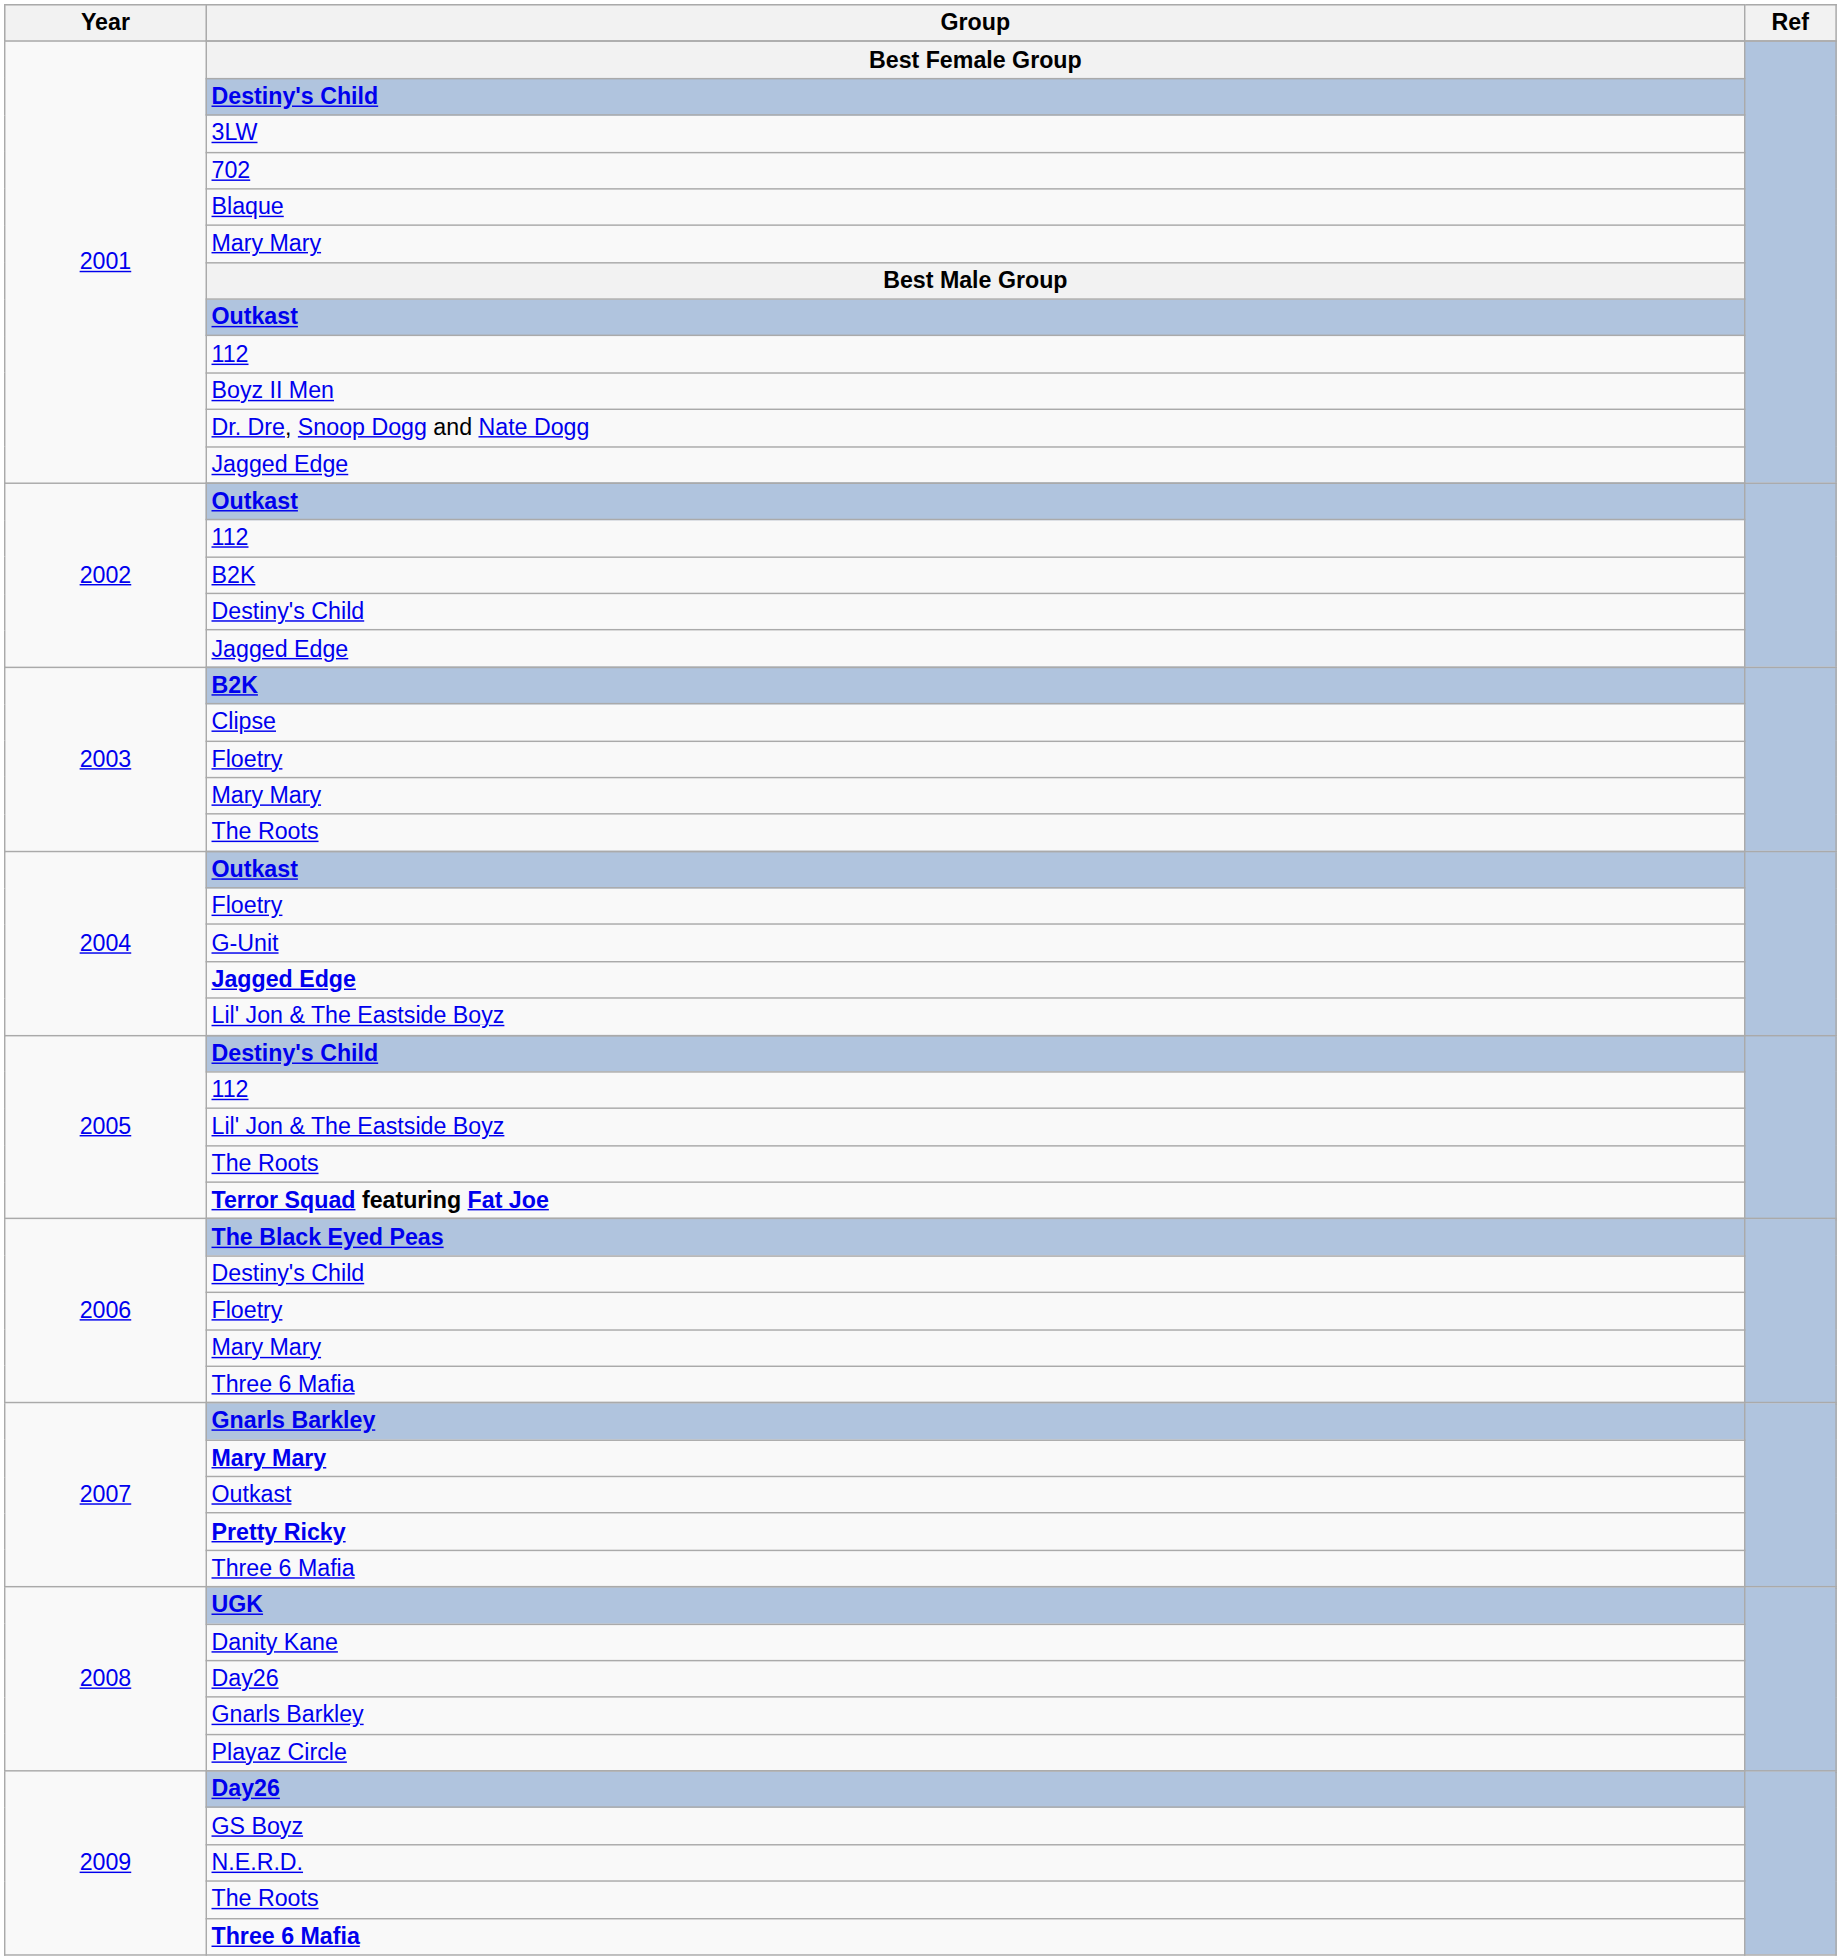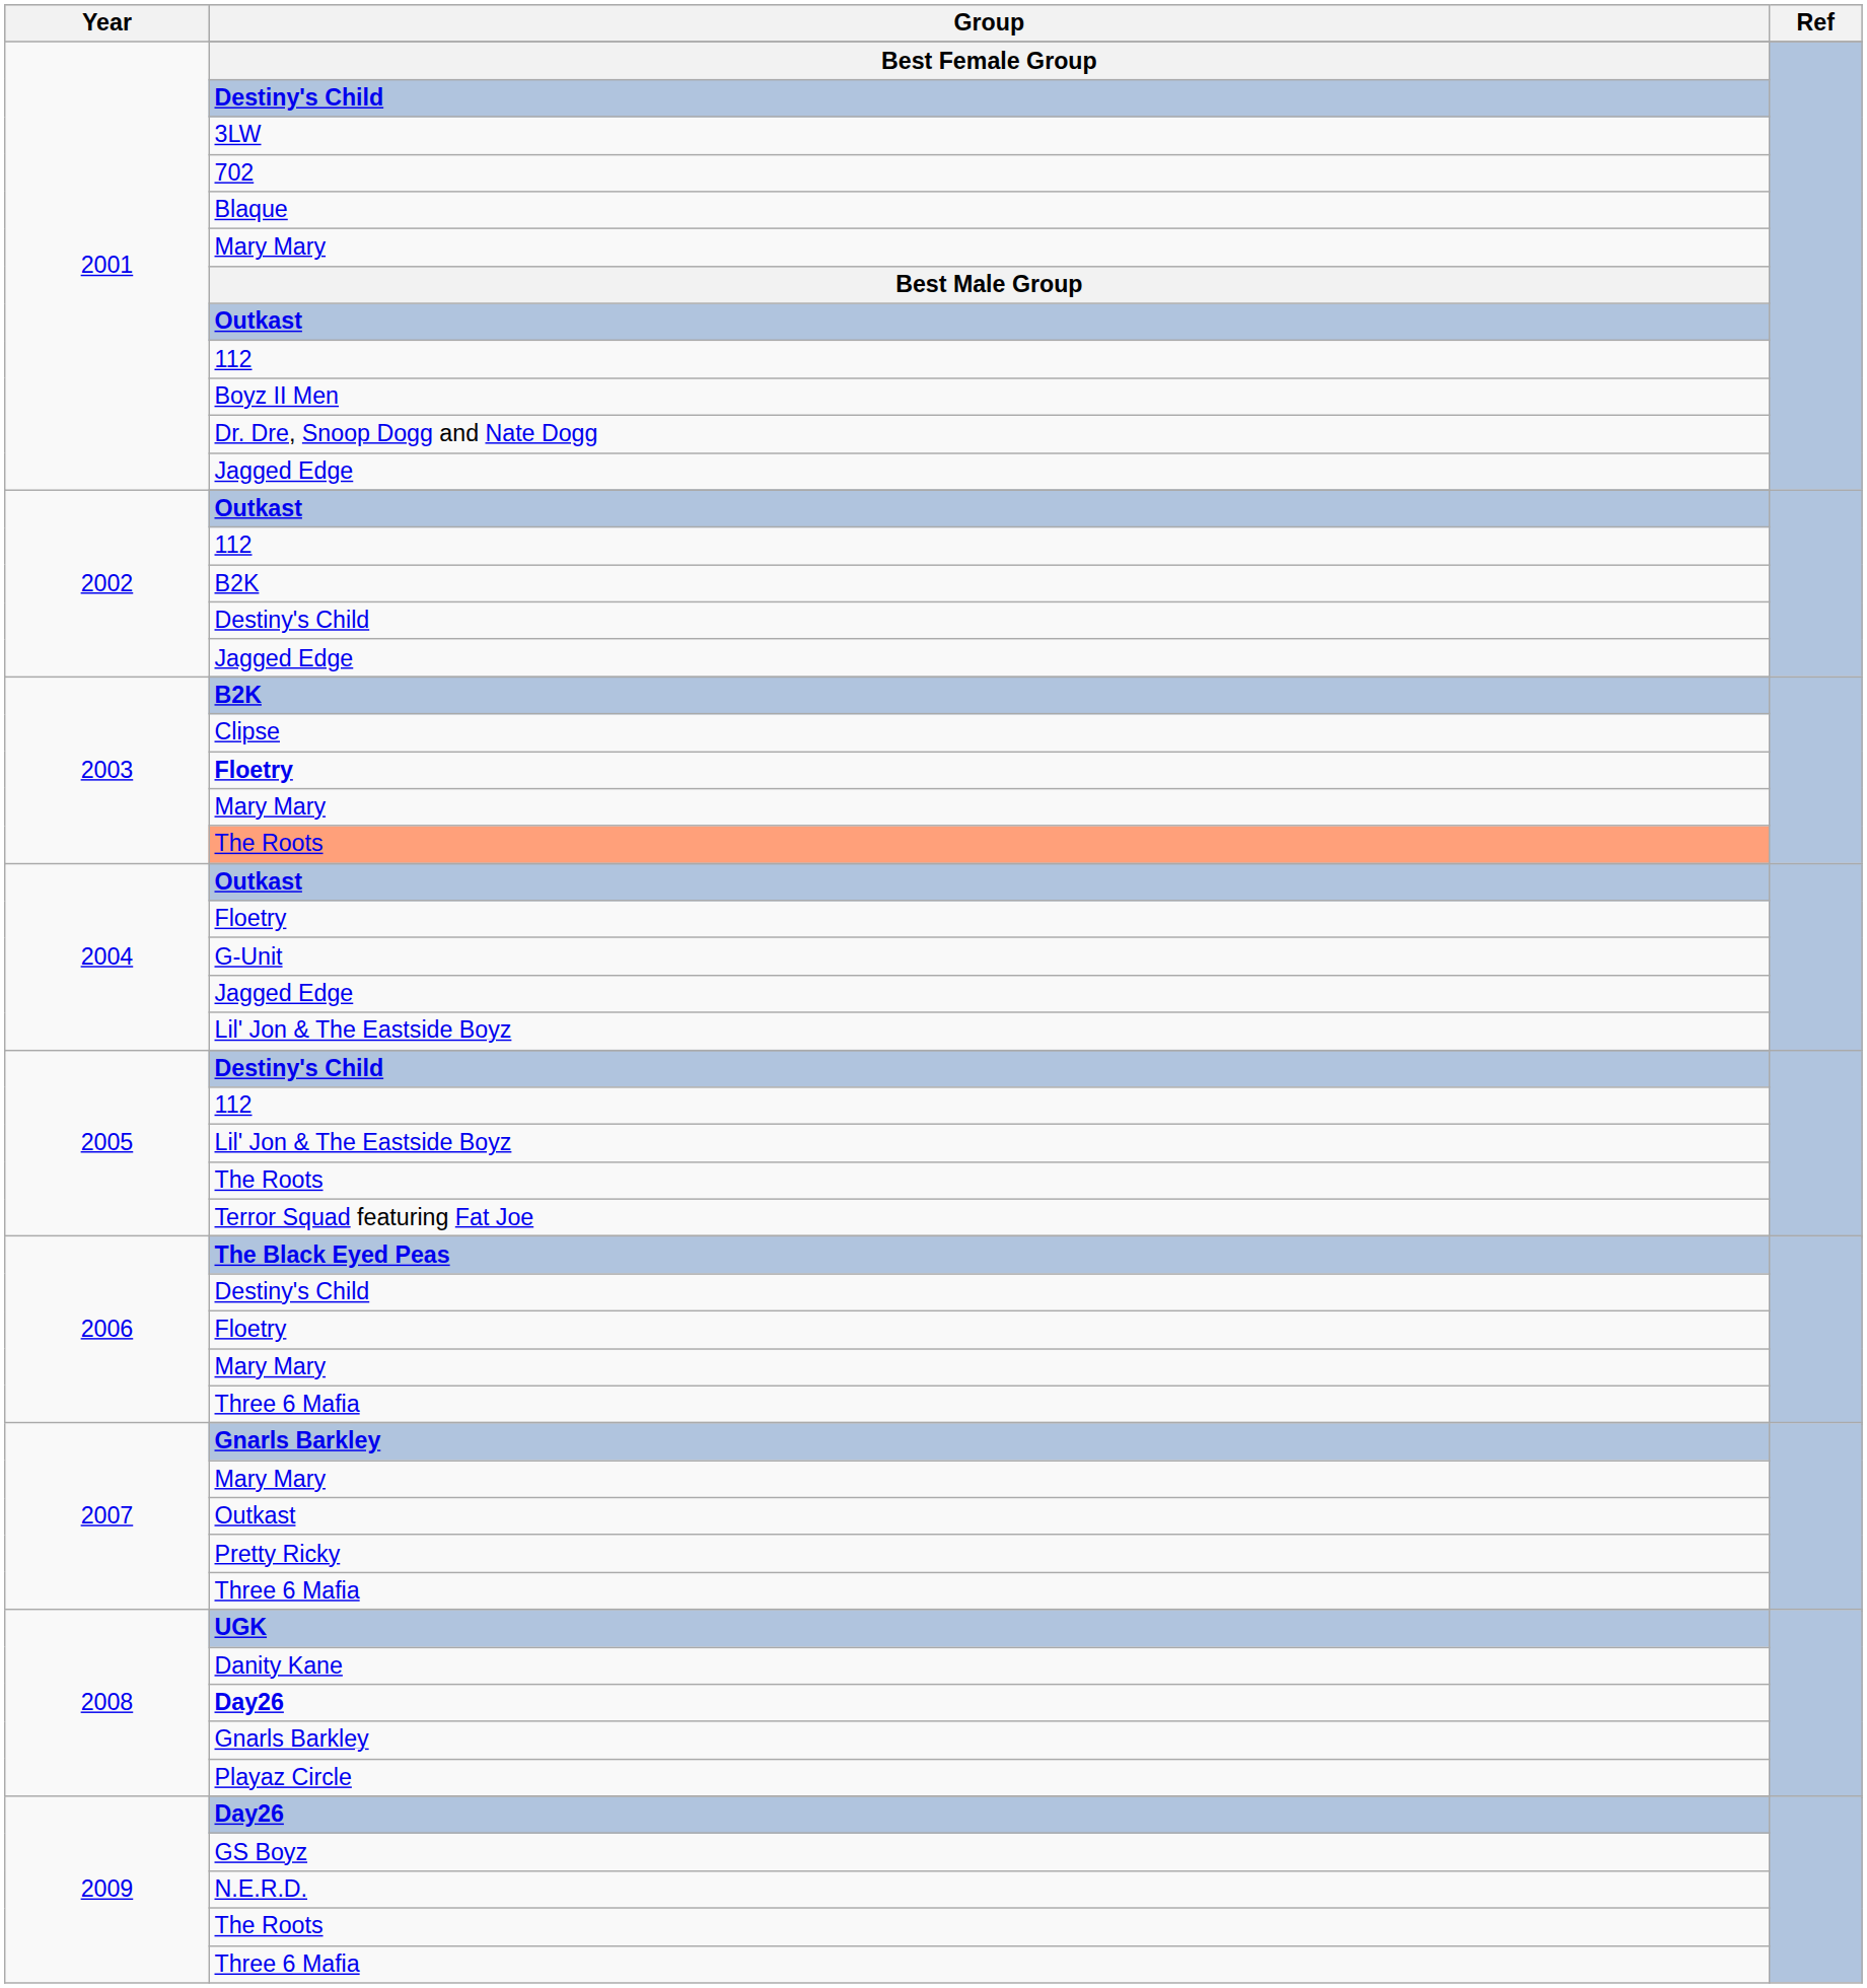 <table class="wikitable" style="width:100%;">
 <tr style="background:#bebebe;">
 <th style="width:11%;">Year</th>
 <th style="width:84%;">Group</th>
 <th style="width:5%;">Ref</th>
 </tr>
 <tr>
 <td rowspan="13" align="center"><a href='#'>2001</a></td>
 </tr>
 <tr>
 <th>Best Female Group</th>
 <td rowspan="13" align="center" style="background:#B0C4DE"></td>
 </tr>
 <tr style="background:#B0C4DE">
 <td><strong><a href='#'>Destiny's Child</a></strong></td>
 </tr>
 <tr>
 <td><a href='#'>3LW</a></td>
 </tr>
 <tr>
 <td><a href='#'>702</a></td>
 </tr>
 <tr>
 <td><a href='#'>Blaque</a></td>
 </tr>
 <tr>
 <td><a href='#'>Mary Mary</a></td>
 </tr>
 <tr>
 <th>Best Male Group</th>
 </tr>
 <tr style="background:#B0C4DE">
 <td><strong><a href='#'>Outkast</a></strong></td>
 </tr>
 <tr>
 <td><a href='#'>112</a></td>
 </tr>
 <tr>
 <td><a href='#'>Boyz II Men</a></td>
 </tr>
 <tr>
 <td><a href='#'>Dr. Dre</a>, <a href='#'>Snoop Dogg</a> and <a href='#'>Nate Dogg</a></td>
 </tr>
 <tr>
 <td><a href='#'>Jagged Edge</a></td>
 </tr>
 <tr>
 <td rowspan="6" align="center"><a href='#'>2002</a></td>
 </tr>
 <tr style="background:#B0C4DE">
 <td><strong><a href='#'>Outkast</a></strong></td>
 <td rowspan="6" align="center"></td>
 </tr>
 <tr>
 <td><a href='#'>112</a></td>
 </tr>
 <tr>
 <td><a href='#'>B2K</a></td>
 </tr>
 <tr>
 <td><a href='#'>Destiny's Child</a></td>
 </tr>
 <tr>
 <td><a href='#'>Jagged Edge</a></td>
 </tr>
 <tr>
 <td rowspan="6" align="center"><a href='#'>2003</a></td>
 </tr>
 <tr style="background:#B0C4DE">
 <td><strong><a href='#'>B2K</a></strong></td>
 <td rowspan="6" align="center"></td>
 </tr>
 <tr>
 <td><a href='#'>Clipse</a></td>
 </tr>
 <tr>
-<td><a href='#'>Floetry</a></td>
+<td><strong><a href='#'>Floetry</a></strong></td>
 </tr>
 <tr>
 <td><a href='#'>Mary Mary</a></td>
 </tr>
 <tr>
-<td><a href='#'>The Roots</a></td>
+<td style="background: lightsalmon;"><a href='#'>The Roots</a></td>
 </tr>
 <tr>
 <td rowspan="6" align="center"><a href='#'>2004</a></td>
 </tr>
 <tr style="background:#B0C4DE">
 <td><strong><a href='#'>Outkast</a></strong></td>
 <td rowspan="6" align="center"></td>
 </tr>
 <tr>
 <td><a href='#'>Floetry</a></td>
 </tr>
 <tr>
 <td><a href='#'>G-Unit</a></td>
 </tr>
 <tr>
-<td><strong><a href='#'>Jagged Edge</a></strong></td>
+<td><a href='#'>Jagged Edge</a></td>
 </tr>
 <tr>
 <td><a href='#'>Lil' Jon & The Eastside Boyz</a></td>
 </tr>
 <tr>
 <td rowspan="6" align="center"><a href='#'>2005</a></td>
 </tr>
 <tr style="background:#B0C4DE">
 <td><strong><a href='#'>Destiny's Child</a></strong></td>
 <td rowspan="6" align="center"></td>
 </tr>
 <tr>
 <td><a href='#'>112</a></td>
 </tr>
 <tr>
 <td><a href='#'>Lil' Jon & The Eastside Boyz</a></td>
 </tr>
 <tr>
 <td><a href='#'>The Roots</a></td>
 </tr>
 <tr>
-<td><strong><a href='#'>Terror Squad</a> featuring <a href='#'>Fat Joe</a></strong></td>
+<td><a href='#'>Terror Squad</a> featuring <a href='#'>Fat Joe</a></td>
 </tr>
 <tr>
 <td rowspan="6" align="center"><a href='#'>2006</a></td>
 </tr>
 <tr style="background:#B0C4DE">
 <td><strong><a href='#'>The Black Eyed Peas</a></strong></td>
 <td rowspan="6" align="center"></td>
 </tr>
 <tr>
 <td><a href='#'>Destiny's Child</a></td>
 </tr>
 <tr>
 <td><a href='#'>Floetry</a></td>
 </tr>
 <tr>
 <td><a href='#'>Mary Mary</a></td>
 </tr>
 <tr>
 <td><a href='#'>Three 6 Mafia</a></td>
 </tr>
 <tr>
 <td rowspan="6" align="center"><a href='#'>2007</a></td>
 </tr>
 <tr style="background:#B0C4DE">
 <td><strong><a href='#'>Gnarls Barkley</a></strong></td>
 <td rowspan="6" align="center"></td>
 </tr>
 <tr>
-<td><strong><a href='#'>Mary Mary</a></strong></td>
+<td><a href='#'>Mary Mary</a></td>
 </tr>
 <tr>
 <td><a href='#'>Outkast</a></td>
 </tr>
 <tr>
-<td><strong><a href='#'>Pretty Ricky</a></strong></td>
+<td><a href='#'>Pretty Ricky</a></td>
 </tr>
 <tr>
 <td><a href='#'>Three 6 Mafia</a></td>
 </tr>
 <tr>
 <td rowspan="6" align="center"><a href='#'>2008</a></td>
 </tr>
 <tr style="background:#B0C4DE">
 <td><strong><a href='#'>UGK</a></strong></td>
 <td rowspan="6" align="center"></td>
 </tr>
 <tr>
 <td><a href='#'>Danity Kane</a></td>
 </tr>
 <tr>
-<td><a href='#'>Day26</a></td>
+<td><strong><a href='#'>Day26</a></strong></td>
 </tr>
 <tr>
 <td><a href='#'>Gnarls Barkley</a></td>
 </tr>
 <tr>
 <td><a href='#'>Playaz Circle</a></td>
 </tr>
 <tr>
 <td rowspan="6" align="center"><a href='#'>2009</a></td>
 </tr>
 <tr style="background:#B0C4DE">
 <td><strong><a href='#'>Day26</a></strong></td>
 <td rowspan="6" align="center"></td>
 </tr>
 <tr>
 <td><a href='#'>GS Boyz</a></td>
 </tr>
 <tr>
 <td><a href='#'>N.E.R.D.</a></td>
 </tr>
 <tr>
 <td><a href='#'>The Roots</a></td>
 </tr>
 <tr>
-<td><strong><a href='#'>Three 6 Mafia</a></strong></td>
+<td><a href='#'>Three 6 Mafia</a></td>
 </tr>
 </table>
